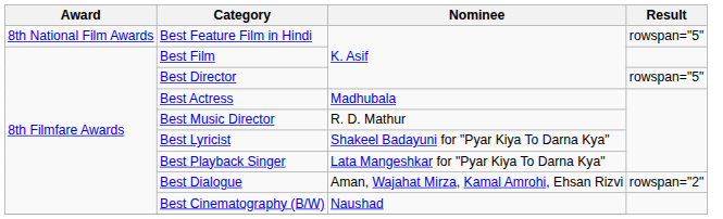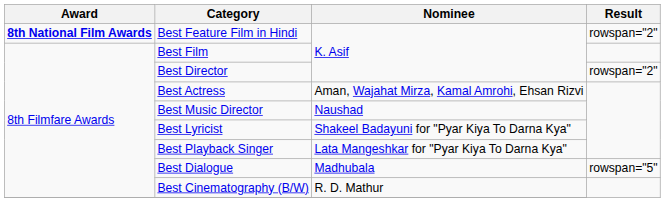 <table class= "wikitable">
 <tr>
 <th>Award</th>
 <th>Category</th>
 <th>Nominee</th>
 <th>Result</th>
 </tr>
 <tr>
-<td><a href='#'>8th National Film Awards</a></td>
+<td><strong><a href='#'>8th National Film Awards</a></strong></td>
 <td><a href='#'>Best Feature Film in Hindi</a></td>
 <td rowspan="3"><a href='#'>K. Asif</a></td>
-<td>rowspan="5" </td>
+<td>rowspan="2" </td>
 </tr>
 <tr>
 <td rowspan="8"><a href='#'>8th Filmfare Awards</a></td>
 <td><a href='#'>Best Film</a></td>
 </tr>
 <tr>
 <td><a href='#'>Best Director</a></td>
-<td>rowspan="5" </td>
+<td>rowspan="2" </td>
 </tr>
 <tr>
 <td><a href='#'>Best Actress</a></td>
-<td><a href='#'>Madhubala</a></td>
+<td>Aman, <a href='#'>Wajahat Mirza</a>, <a href='#'>Kamal Amrohi</a>, Ehsan Rizvi</td>
 </tr>
 <tr>
 <td><a href='#'>Best Music Director</a></td>
-<td>R. D. Mathur</td>
+<td><a href='#'>Naushad</a></td>
 </tr>
 <tr>
 <td><a href='#'>Best Lyricist</a></td>
 <td><a href='#'>Shakeel Badayuni</a> for "Pyar Kiya To Darna Kya"</td>
 </tr>
 <tr>
 <td><a href='#'>Best Playback Singer</a></td>
 <td><a href='#'>Lata Mangeshkar</a> for "Pyar Kiya To Darna Kya"</td>
 </tr>
 <tr>
 <td><a href='#'>Best Dialogue</a></td>
-<td>Aman, <a href='#'>Wajahat Mirza</a>, <a href='#'>Kamal Amrohi</a>, Ehsan Rizvi</td>
-<td>rowspan="2" </td>
+<td><a href='#'>Madhubala</a></td>
+<td>rowspan="5" </td>
 </tr>
 <tr>
 <td><a href='#'>Best Cinematography (B/W)</a></td>
-<td><a href='#'>Naushad</a></td>
+<td>R. D. Mathur</td>
 </tr>
 <tr>
 </tr>
 </table>
